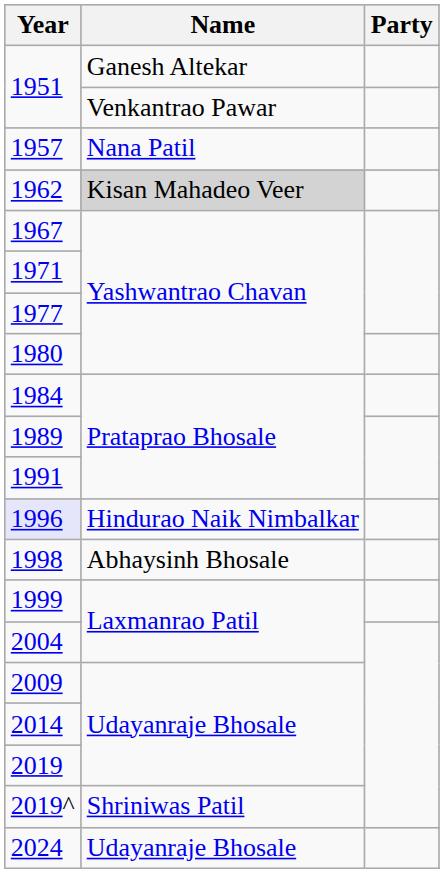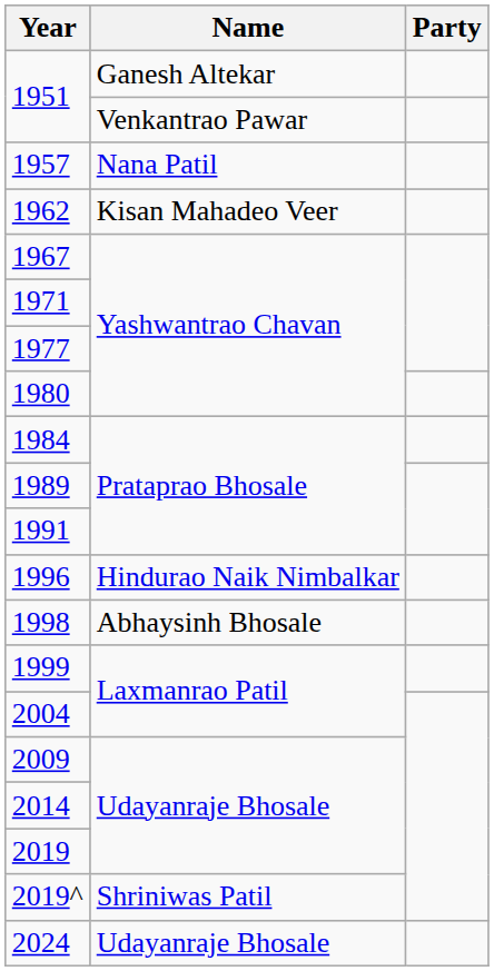 <table class="wikitable">
 <tr>
 <th>Year</th>
 <th>Name</th>
 <th colspan="2">Party</th>
 </tr>
 <tr>
 <td rowspan="2"><a href='#'>1951</a></td>
 <td>Ganesh Altekar</td>
 <td></td>
 </tr>
 <tr>
 <td>Venkantrao Pawar</td>
 </tr>
 <tr>
 <td><a href='#'>1957</a></td>
 <td><a href='#'>Nana Patil</a></td>
 <td></td>
 </tr>
 <tr>
 <td><a href='#'>1962</a></td>
-<td style="background: lightgrey;">Kisan Mahadeo Veer</td>
+<td>Kisan Mahadeo Veer</td>
 <td></td>
 </tr>
 <tr>
 <td><a href='#'>1967</a></td>
 <td rowspan="4"><a href='#'>Yashwantrao Chavan</a></td>
 </tr>
 <tr>
 <td><a href='#'>1971</a></td>
 </tr>
 <tr>
 <td><a href='#'>1977</a></td>
 </tr>
 <tr>
 <td><a href='#'>1980</a></td>
 <td></td>
 </tr>
 <tr>
 <td><a href='#'>1984</a></td>
 <td rowspan="3"><a href='#'>Prataprao Bhosale</a></td>
 <td></td>
 </tr>
 <tr>
 <td><a href='#'>1989</a></td>
 </tr>
 <tr>
 <td><a href='#'>1991</a></td>
 </tr>
 <tr>
-<td style="background: lavender;"><a href='#'>1996</a></td>
+<td><a href='#'>1996</a></td>
 <td><a href='#'>Hindurao Naik Nimbalkar</a></td>
 <td></td>
 </tr>
 <tr>
 <td><a href='#'>1998</a></td>
 <td>Abhaysinh Bhosale</td>
 <td></td>
 </tr>
 <tr>
 <td><a href='#'>1999</a></td>
 <td rowspan="2"><a href='#'>Laxmanrao Patil</a></td>
 <td></td>
 </tr>
 <tr>
 <td><a href='#'>2004</a></td>
 </tr>
 <tr>
 <td><a href='#'>2009</a></td>
 <td rowspan="3"><a href='#'>Udayanraje Bhosale</a></td>
 </tr>
 <tr>
 <td><a href='#'>2014</a></td>
 </tr>
 <tr>
 <td><a href='#'>2019</a></td>
 </tr>
 <tr>
 <td><a href='#'>2019</a>^</td>
 <td><a href='#'>Shriniwas Patil</a></td>
 </tr>
 <tr>
 <td><a href='#'>2024</a></td>
 <td><a href='#'>Udayanraje Bhosale</a></td>
 <td></td>
 </tr>
 </table>
